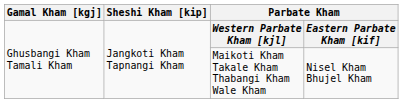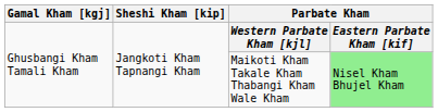 <table class="wikitable">
 <tr>
 <th>Gamal  Kham [kgj]</th>
 <th>Sheshi  Kham [kip]</th>
 <th colspan="2">Parbate  Kham</th>
 </tr>
 <tr>
 <td rowspan="2">Ghusbangi Kham<br>Tamali Kham</td>
 <td rowspan="2">Jangkoti Kham<br>Tapnangi Kham</td>
 <th><em>Western  Parbate</em><br><em>Kham  [kjl]</em></th>
 <th><em>Eastern  Parbate</em><br><em>Kham  [kif]</em></th>
 </tr>
 <tr>
 <td>Maikoti Kham<br>Takale Kham<br>Thabangi Kham<br>Wale Kham</td>
-<td>Nisel Kham<br>Bhujel Kham</td>
+<td style="background: lightgreen;">Nisel Kham<br>Bhujel Kham</td>
 </tr>
 </table>
